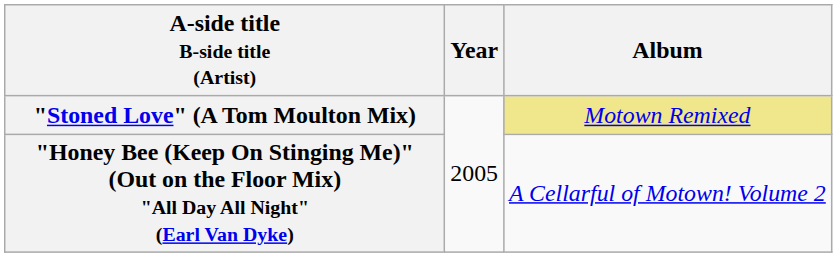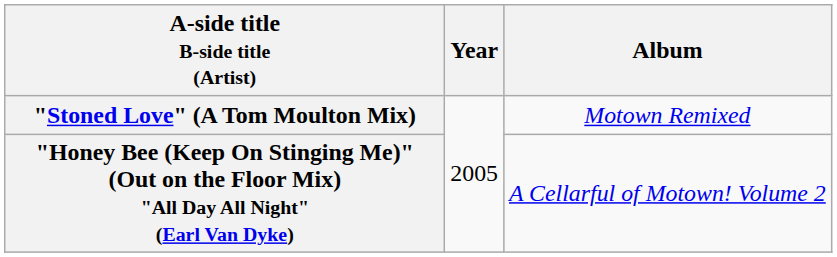 <table class="wikitable plainrowheaders" style="text-align:center;">
 <tr>
 <th scope="col" style="width:18em;">A-side title<br><small>B-side title<br>(Artist)</small></th>
 <th scope="col">Year</th>
 <th scope="col">Album</th>
 </tr>
 <tr>
 <th scope="row">"<a href='#'>Stoned Love</a>" (A Tom Moulton Mix)</th>
 <td rowspan="2">2005</td>
-<td style="background: khaki;"><em><a href='#'>Motown Remixed</a></em></td>
+<td><em><a href='#'>Motown Remixed</a></em></td>
 </tr>
 <tr>
 <th scope="row">"Honey Bee (Keep On Stinging Me)" (Out on the Floor Mix) <br><small>"All Day All Night"<br>(<a href='#'>Earl Van Dyke</a>)</small></th>
 <td><em><a href='#'>A Cellarful of Motown! Volume 2</a></em></td>
 </tr>
 </table>
